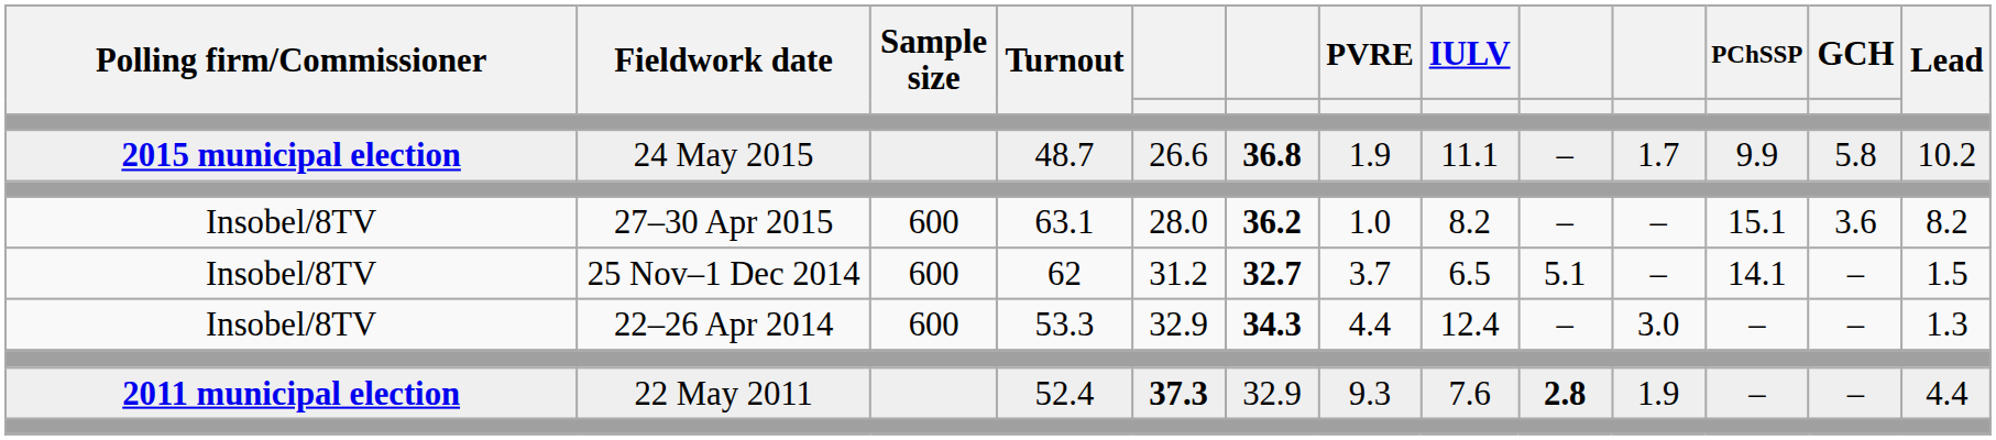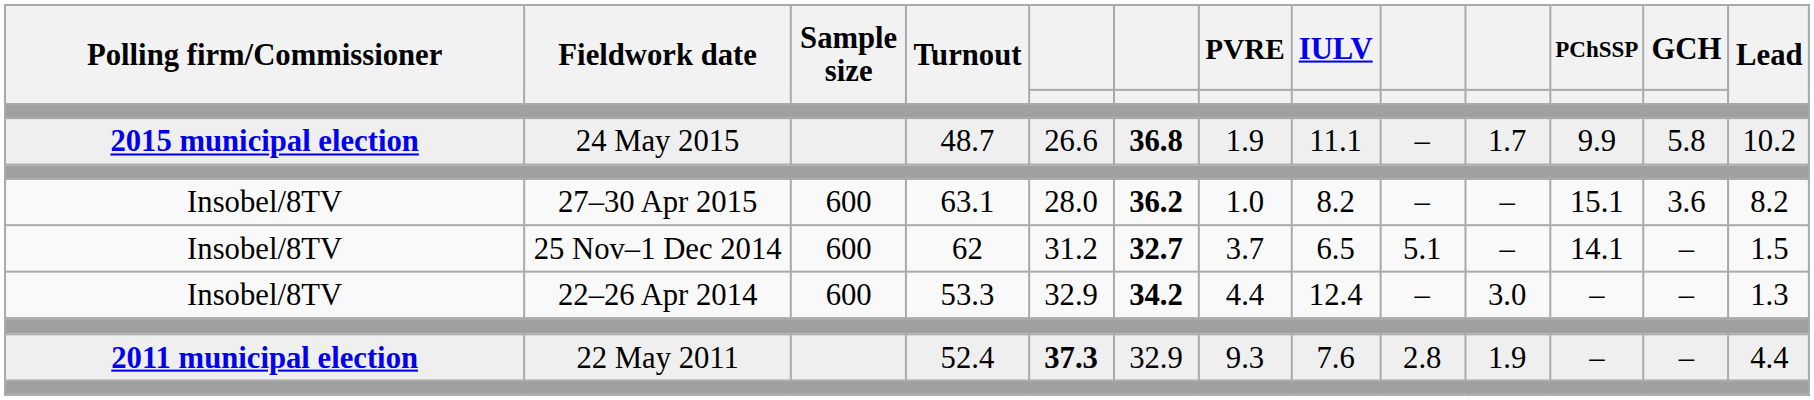 <table class="wikitable collapsible collapsed" style="text-align:center; font-size:95%; line-height:16px;">
 <tr style="height:42px;">
 <th style="width:250px;" rowspan="2">Polling firm/Commissioner</th>
 <th style="width:125px;" rowspan="2">Fieldwork date</th>
 <th style="width:50px;" rowspan="2">Sample size</th>
 <th style="width:45px;" rowspan="2">Turnout</th>
 <th style="width:35px;"></th>
 <th style="width:35px;"></th>
 <th style="width:35px; font-size:95%;">PVRE</th>
 <th style="width:35px;"><a href='#'>IULV</a></th>
 <th style="width:35px;"></th>
 <th style="width:35px;"></th>
 <th style="width:35px; font-size:75%;">PChSSP</th>
 <th style="width:35px;">GCH</th>
 <th style="width:30px;" rowspan="2">Lead</th>
 </tr>
 <tr>
 <th style="color:inherit;background:"></th>
 <th style="color:inherit;background:"></th>
 <th style="color:inherit;background:"></th>
 <th style="color:inherit;background:"></th>
 <th style="color:inherit;background:"></th>
 <th style="color:inherit;background:"></th>
 <th style="color:inherit;background:"></th>
 <th style="color:inherit;background:"></th>
 </tr>
 <tr>
 <td colspan="13" style="background:#A0A0A0"></td>
 </tr>
 <tr style="background:#EFEFEF;">
 <td><strong><a href='#'>2015 municipal election</a></strong></td>
 <td>24 May 2015</td>
 <td></td>
 <td>48.7</td>
 <td>26.6<br></td>
 <td><strong>36.8</strong><br></td>
 <td>1.9<br></td>
 <td>11.1<br></td>
 <td>–</td>
 <td>1.7<br></td>
 <td>9.9<br></td>
 <td>5.8<br></td>
 <td style="background:">10.2</td>
 </tr>
 <tr>
 <td colspan="13" style="background:#A0A0A0"></td>
 </tr>
 <tr>
 <td>Insobel/8TV</td>
 <td>27–30 Apr 2015</td>
 <td>600</td>
 <td>63.1</td>
 <td>28.0<br></td>
 <td><strong>36.2</strong><br></td>
 <td>1.0<br></td>
 <td>8.2<br></td>
 <td>–</td>
 <td>–</td>
 <td>15.1<br></td>
 <td>3.6<br></td>
 <td style="background:">8.2</td>
 </tr>
 <tr>
 <td>Insobel/8TV</td>
 <td>25 Nov–1 Dec 2014</td>
 <td>600</td>
 <td>62</td>
 <td>31.2<br></td>
 <td><strong>32.7</strong><br></td>
 <td>3.7<br></td>
 <td>6.5<br></td>
 <td>5.1<br></td>
 <td>–</td>
 <td>14.1<br></td>
 <td>–</td>
 <td style="background:">1.5</td>
 </tr>
 <tr>
 <td>Insobel/8TV</td>
 <td>22–26 Apr 2014</td>
 <td>600</td>
 <td>53.3</td>
 <td>32.9<br></td>
-<td><strong>34.3</strong><br></td>
+<td><strong>34.2</strong><br></td>
 <td>4.4<br></td>
 <td>12.4<br></td>
 <td>–</td>
 <td>3.0<br></td>
 <td>–</td>
 <td>–</td>
 <td style="background:">1.3</td>
 </tr>
 <tr>
 <td colspan="13" style="background:#A0A0A0"></td>
 </tr>
 <tr style="background:#EFEFEF;">
 <td><strong><a href='#'>2011 municipal election</a></strong></td>
 <td>22 May 2011</td>
 <td></td>
 <td>52.4</td>
 <td><strong>37.3</strong><br></td>
 <td>32.9<br></td>
 <td>9.3<br></td>
 <td>7.6<br></td>
-<td><strong>2.8<br></strong></td>
+<td>2.8<br></td>
 <td>1.9<br></td>
 <td>–</td>
 <td>–</td>
 <td style="background:">4.4</td>
 </tr>
 <tr>
 <td colspan="13" style="background:#A0A0A0"></td>
 </tr>
 </table>
